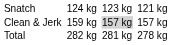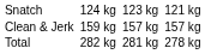 <table>
 <tr>
 <td>Snatch</td>
 <td></td>
 <td>124 kg</td>
 <td></td>
 <td>123 kg</td>
 <td></td>
 <td>121 kg</td>
 </tr>
 <tr>
 <td>Clean & Jerk</td>
 <td></td>
 <td>159 kg</td>
 <td></td>
-<td style="background: lightgrey;">157 kg</td>
+<td>157 kg</td>
 <td></td>
 <td>157 kg</td>
 </tr>
 <tr>
 <td>Total</td>
 <td></td>
 <td>282 kg</td>
 <td></td>
 <td>281 kg</td>
 <td></td>
 <td>278 kg</td>
 </tr>
 </table>
